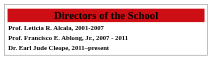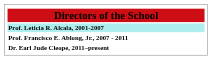 <table style="float:right; width:19em; border: 1px solid #a0a0a0; padding: 2px; bg-color=yellow; text-align:right;">
 <tr style="text-align:center;">
 </tr>
 <tr bgcolor="#cd0e15" align="center">
 <td><span><strong>Directors of the School</strong></span></td>
 </tr>
 <tr style="text-align:left; font-size:x-small;">
-<td><strong>Prof. Leticia R. Alcala, 2001-2007</strong></td>
+<td style="background: paleturquoise;"><strong>Prof. Leticia R. Alcala, 2001-2007</strong></td>
 </tr>
 <tr style="text-align:left; font-size:x-small;">
 <td><strong>Prof. Francisco E. Ablong, Jr., 2007 - 2011</strong></td>
 </tr>
 <tr style="text-align:left; font-size:x-small;">
 <td><strong>Dr. Earl Jude Cleope, 2011–present</strong></td>
 </tr>
 </table>
